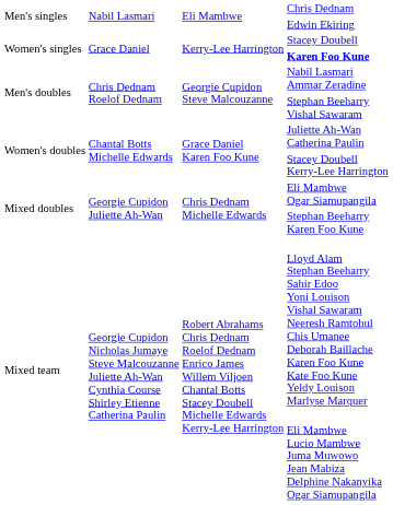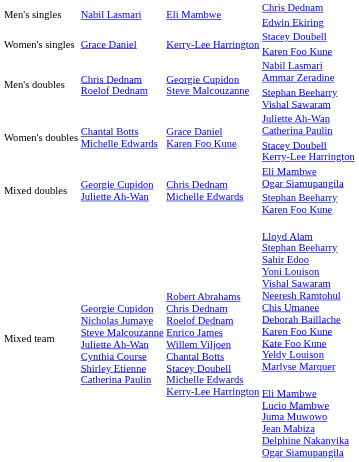 <table>
 <tr>
 <td rowspan=2>Men's singles</td>
 <td rowspan=2> <a href='#'>Nabil Lasmari</a></td>
 <td rowspan=2> <a href='#'>Eli Mambwe</a></td>
 <td> <a href='#'>Chris Dednam</a></td>
 </tr>
 <tr>
 <td> <a href='#'>Edwin Ekiring</a></td>
 </tr>
 <tr>
 <td rowspan=2>Women's singles</td>
 <td rowspan=2> <a href='#'>Grace Daniel</a></td>
 <td rowspan=2> <a href='#'>Kerry-Lee Harrington</a></td>
 <td> <a href='#'>Stacey Doubell</a></td>
 </tr>
 <tr>
-<td><strong> <a href='#'>Karen Foo Kune</a></strong></td>
+<td> <a href='#'>Karen Foo Kune</a></td>
 </tr>
 <tr>
 <td rowspan=2>Men's doubles</td>
 <td rowspan=2> <a href='#'>Chris Dednam</a> <br> <a href='#'>Roelof Dednam</a></td>
 <td rowspan=2> <a href='#'>Georgie Cupidon</a> <br> <a href='#'>Steve Malcouzanne</a></td>
 <td> <a href='#'>Nabil Lasmari</a> <br> <a href='#'>Ammar Zeradine</a></td>
 </tr>
 <tr>
 <td> <a href='#'>Stephan Beeharry</a> <br> <a href='#'>Vishal Sawaram</a></td>
 </tr>
 <tr>
 <td rowspan=2>Women's doubles</td>
 <td rowspan=2> <a href='#'>Chantal Botts</a> <br> <a href='#'>Michelle Edwards</a></td>
 <td rowspan=2> <a href='#'>Grace Daniel</a> <br> <a href='#'>Karen Foo Kune</a></td>
 <td> <a href='#'>Juliette Ah-Wan</a> <br> <a href='#'>Catherina Paulin</a></td>
 </tr>
 <tr>
 <td> <a href='#'>Stacey Doubell</a> <br> <a href='#'>Kerry-Lee Harrington</a></td>
 </tr>
 <tr>
 <td rowspan=2>Mixed doubles</td>
 <td rowspan=2> <a href='#'>Georgie Cupidon</a> <br> <a href='#'>Juliette Ah-Wan</a></td>
 <td rowspan=2> <a href='#'>Chris Dednam</a> <br> <a href='#'>Michelle Edwards</a></td>
 <td> <a href='#'>Eli Mambwe</a> <br> <a href='#'>Ogar Siamupangila</a></td>
 </tr>
 <tr>
 <td> <a href='#'>Stephan Beeharry</a> <br> <a href='#'>Karen Foo Kune</a></td>
 </tr>
 <tr>
 <td rowspan=2>Mixed team</td>
 <td rowspan=2><br><a href='#'>Georgie Cupidon</a><br><a href='#'>Nicholas Jumaye</a><br><a href='#'>Steve Malcouzanne</a><br><a href='#'>Juliette Ah-Wan</a><br><a href='#'>Cynthia Course</a><br><a href='#'>Shirley Etienne</a><br><a href='#'>Catherina Paulin</a></td>
 <td rowspan=2><br><a href='#'>Robert Abrahams</a><br><a href='#'>Chris Dednam</a><br><a href='#'>Roelof Dednam</a><br><a href='#'>Enrico James</a><br><a href='#'>Willem Viljoen</a><br><a href='#'>Chantal Botts</a><br><a href='#'>Stacey Doubell</a><br><a href='#'>Michelle Edwards</a><br><a href='#'>Kerry-Lee Harrington</a></td>
 <td><br><a href='#'>Lloyd Alam</a><br><a href='#'>Stephan Beeharry</a><br><a href='#'>Sahir Edoo</a><br><a href='#'>Yoni Louison</a><br><a href='#'>Vishal Sawaram</a><br><a href='#'>Neeresh Ramtohul</a><br><a href='#'>Chis Umanee</a><br><a href='#'>Deborah Baillache</a><br><a href='#'>Karen Foo Kune</a><br><a href='#'>Kate Foo Kune</a><br><a href='#'>Yeldy Louison</a><br><a href='#'>Marlyse Marquer</a></td>
 </tr>
 <tr>
 <td><br><a href='#'>Eli Mambwe</a><br><a href='#'>Lucio Mambwe</a><br><a href='#'>Juma Muwowo</a><br><a href='#'>Jean Mabiza</a><br><a href='#'>Delphine Nakanyika</a><br><a href='#'>Ogar Siamupangila</a></td>
 </tr>
 </table>
